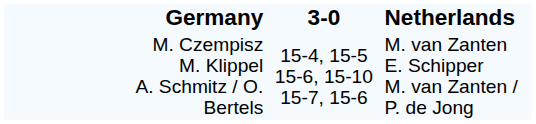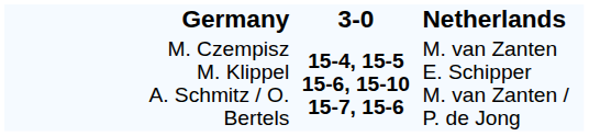 <table style="width: 60%; background:#F5FAFF;" cellspacing="0">
 <tr>
 <td align=center rowspan=3 width=20%></td>
 </tr>
 <tr>
 <td width=24% align=right><strong>Germany</strong></td>
 <td align=center width=20%><strong>3-0</strong></td>
 <td width=24%><strong>Netherlands</strong></td>
 </tr>
 <tr style=font-size:85%>
 <td align=right valign=top>M. Czempisz<br>M. Klippel<br>A. Schmitz / O. Bertels</td>
-<td align=center>15-4, 15-5<br>15-6, 15-10<br>15-7, 15-6</td>
+<td align=center><strong>15-4, 15-5<br>15-6, 15-10<br>15-7, 15-6</strong></td>
 <td valign=top>M. van Zanten<br>E. Schipper<br>M. van Zanten / P. de Jong</td>
 </tr>
 </table>
